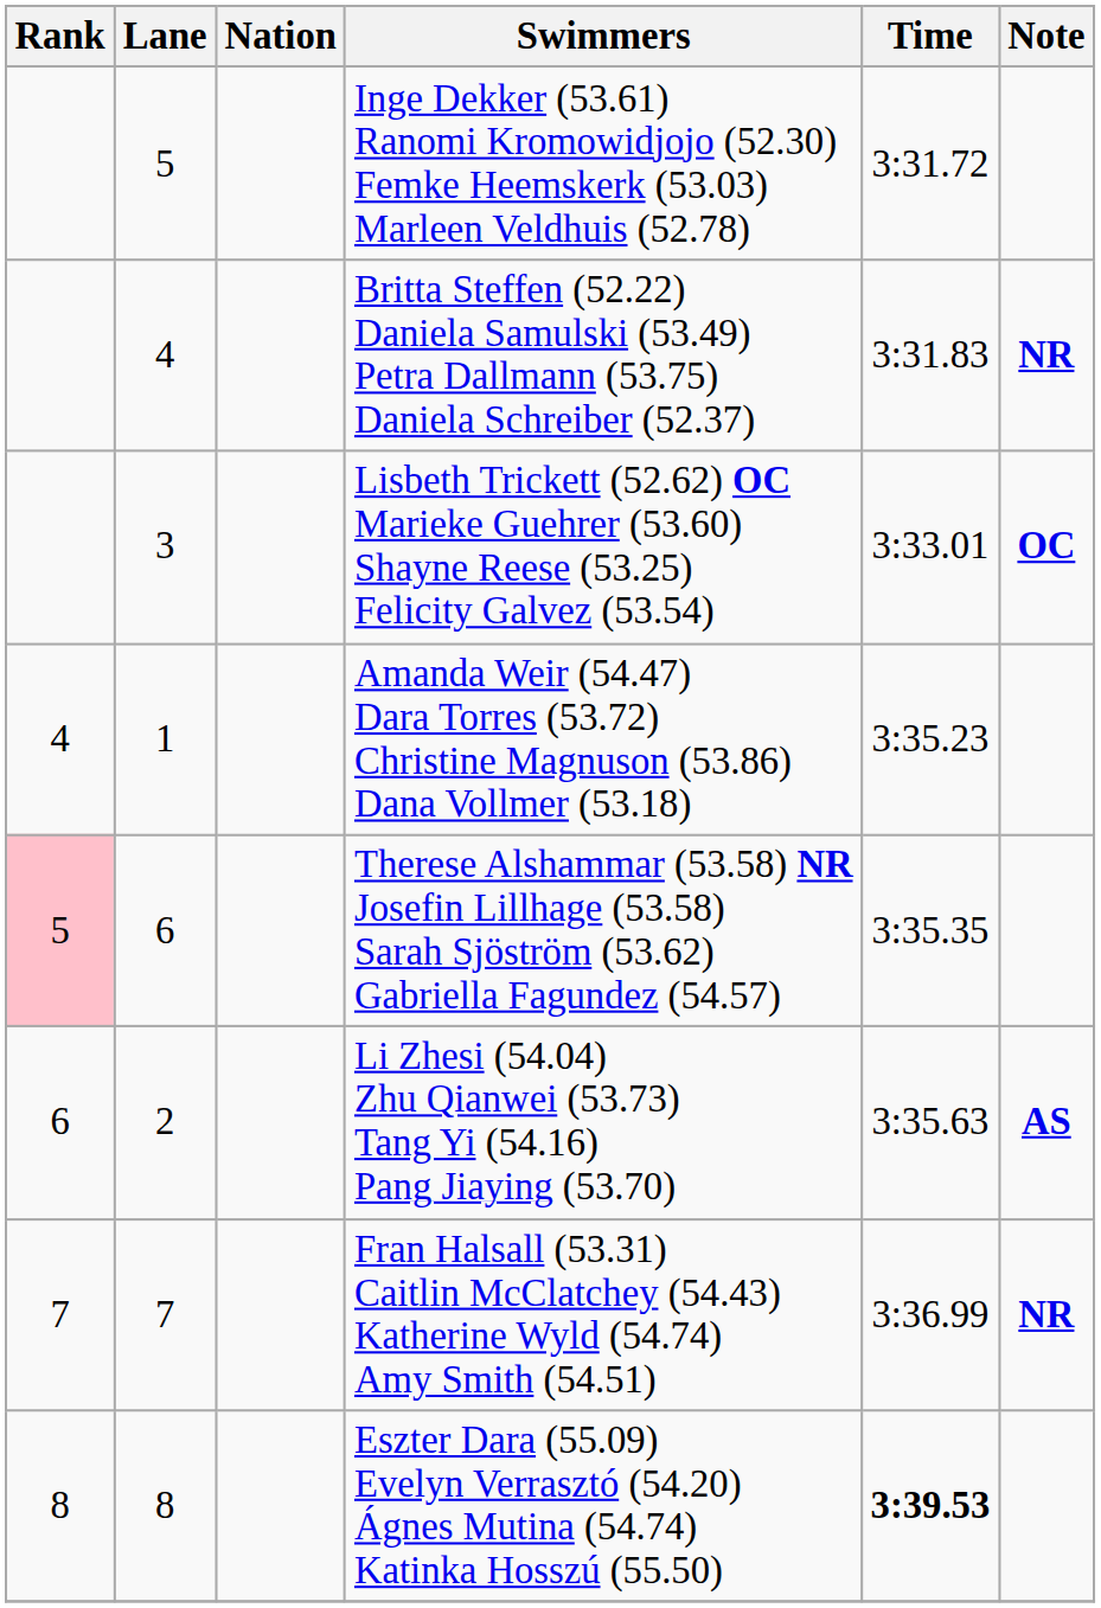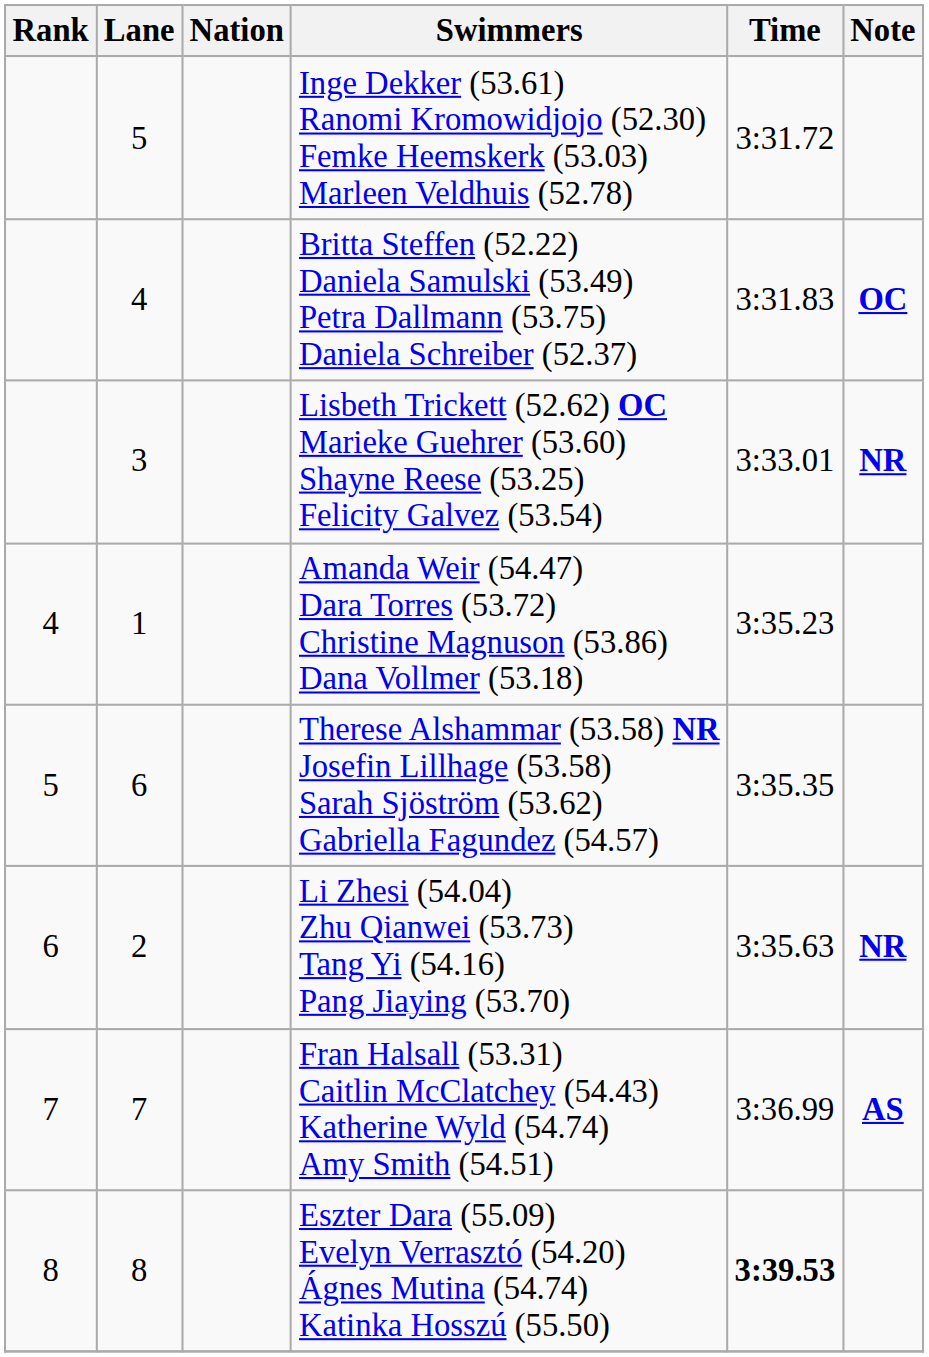 <table class="wikitable sortable" style="text-align:center">
 <tr>
 <th>Rank</th>
 <th>Lane</th>
 <th>Nation</th>
 <th>Swimmers</th>
 <th>Time</th>
 <th>Note</th>
 </tr>
 <tr>
 <td></td>
 <td>5</td>
 <td align=left></td>
 <td align=left><a href='#'>Inge Dekker</a> (53.61)<br><a href='#'>Ranomi Kromowidjojo</a> (52.30)<br><a href='#'>Femke Heemskerk</a> (53.03)<br><a href='#'>Marleen Veldhuis</a> (52.78)</td>
 <td>3:31.72</td>
 <td></td>
 </tr>
 <tr>
 <td></td>
 <td>4</td>
 <td align=left></td>
 <td align=left><a href='#'>Britta Steffen</a> (52.22)  <br><a href='#'>Daniela Samulski</a> (53.49)<br><a href='#'>Petra Dallmann</a> (53.75)<br><a href='#'>Daniela Schreiber</a> (52.37)</td>
 <td>3:31.83</td>
-<td><strong><a href='#'>NR</a></strong></td>
+<td><strong><a href='#'>OC</a></strong></td>
 </tr>
 <tr>
 <td></td>
 <td>3</td>
 <td align=left></td>
 <td align=left><a href='#'>Lisbeth Trickett</a> (52.62) <strong><a href='#'>OC</a></strong><br><a href='#'>Marieke Guehrer</a> (53.60)<br><a href='#'>Shayne Reese</a> (53.25)<br><a href='#'>Felicity Galvez</a> (53.54)</td>
 <td>3:33.01</td>
-<td><strong><a href='#'>OC</a></strong></td>
+<td><strong><a href='#'>NR</a></strong></td>
 </tr>
 <tr>
 <td>4</td>
 <td>1</td>
 <td align=left></td>
 <td align=left><a href='#'>Amanda Weir</a> (54.47)<br><a href='#'>Dara Torres</a> (53.72)<br><a href='#'>Christine Magnuson</a> (53.86)<br><a href='#'>Dana Vollmer</a> (53.18)</td>
 <td>3:35.23</td>
 <td></td>
 </tr>
 <tr>
-<td style="background: pink;">5</td>
+<td>5</td>
 <td>6</td>
 <td align=left></td>
 <td align=left><a href='#'>Therese Alshammar</a> (53.58) <strong><a href='#'>NR</a></strong><br><a href='#'>Josefin Lillhage</a> (53.58)<br><a href='#'>Sarah Sjöström</a> (53.62)<br><a href='#'>Gabriella Fagundez</a> (54.57)</td>
 <td>3:35.35</td>
 <td></td>
 </tr>
 <tr>
 <td>6</td>
 <td>2</td>
 <td align=left></td>
 <td align=left><a href='#'>Li Zhesi</a> (54.04)<br><a href='#'>Zhu Qianwei</a> (53.73)<br><a href='#'>Tang Yi</a> (54.16)<br><a href='#'>Pang Jiaying</a> (53.70)</td>
 <td>3:35.63</td>
-<td><strong><a href='#'>AS</a></strong></td>
+<td><strong><a href='#'>NR</a></strong></td>
 </tr>
 <tr>
 <td>7</td>
 <td>7</td>
 <td align=left></td>
 <td align=left><a href='#'>Fran Halsall</a> (53.31)<br><a href='#'>Caitlin McClatchey</a> (54.43)<br><a href='#'>Katherine Wyld</a> (54.74)<br><a href='#'>Amy Smith</a> (54.51)</td>
 <td>3:36.99</td>
-<td><strong><a href='#'>NR</a></strong></td>
+<td><strong><a href='#'>AS</a></strong></td>
 </tr>
 <tr>
 <td>8</td>
 <td>8</td>
 <td align=left></td>
 <td align=left><a href='#'>Eszter Dara</a> (55.09)<br><a href='#'>Evelyn Verrasztó</a> (54.20)<br><a href='#'>Ágnes Mutina</a> (54.74)<br><a href='#'>Katinka Hosszú</a> (55.50)</td>
 <td><strong>3:39.53</strong></td>
 <td></td>
 </tr>
 <tr>
 </tr>
 </table>
